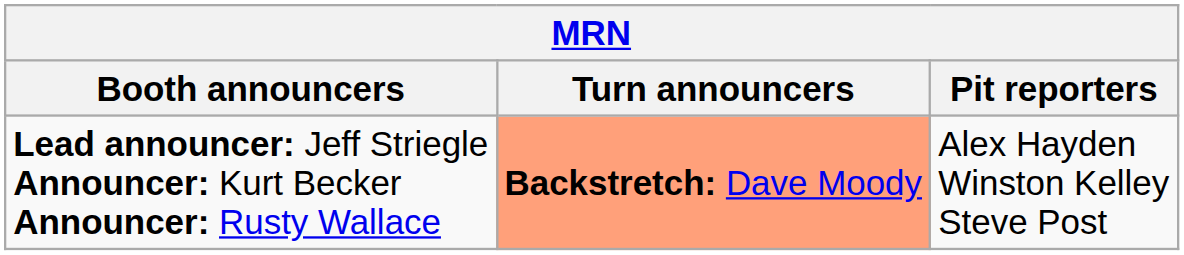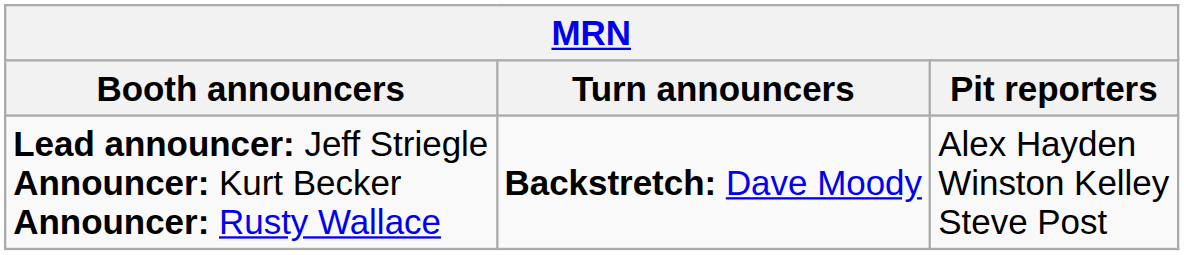 <table class="wikitable" style="font-size: 95%">
 <tr>
 <th colspan="3"><a href='#'>MRN</a></th>
 </tr>
 <tr>
 <th>Booth announcers</th>
 <th>Turn announcers</th>
 <th>Pit reporters</th>
 </tr>
 <tr>
 <td><strong>Lead announcer:</strong> Jeff Striegle<br><strong>Announcer:</strong> Kurt Becker<br><strong>Announcer:</strong> <a href='#'>Rusty Wallace</a></td>
-<td style="background: lightsalmon;"><strong>Backstretch:</strong> <a href='#'>Dave Moody</a></td>
+<td><strong>Backstretch:</strong> <a href='#'>Dave Moody</a></td>
 <td>Alex Hayden<br>Winston Kelley<br>Steve Post</td>
 </tr>
 </table>
